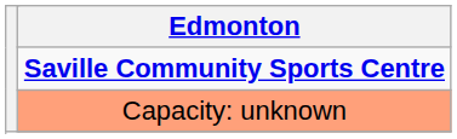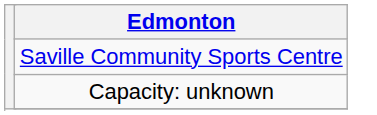 <table class="wikitable" style="text-align:center">
 <tr>
 <th rowspan="8" colspan="2"></th>
 <th><a href='#'>Edmonton</a></th>
 </tr>
 <tr>
-<td><strong><a href='#'>Saville Community Sports Centre</a></strong></td>
+<td><a href='#'>Saville Community Sports Centre</a></td>
 </tr>
 <tr>
-<td style="background: lightsalmon;">Capacity: unknown</td>
+<td>Capacity: unknown</td>
 </tr>
 <tr>
 </tr>
 </table>
